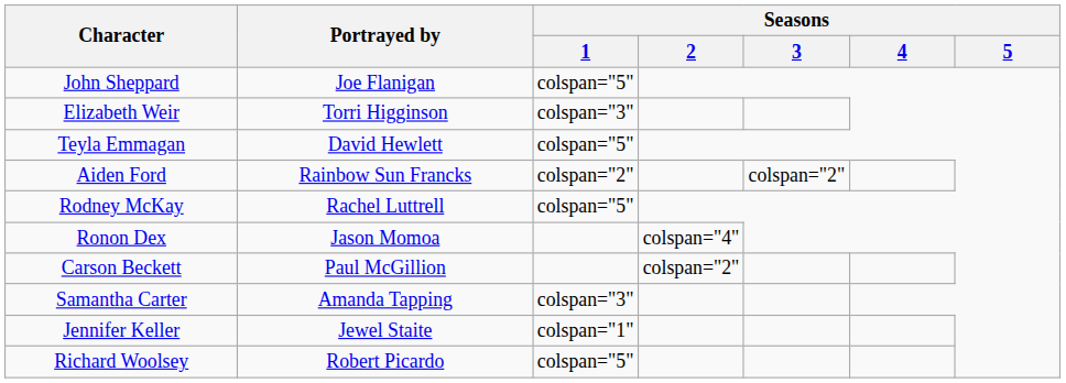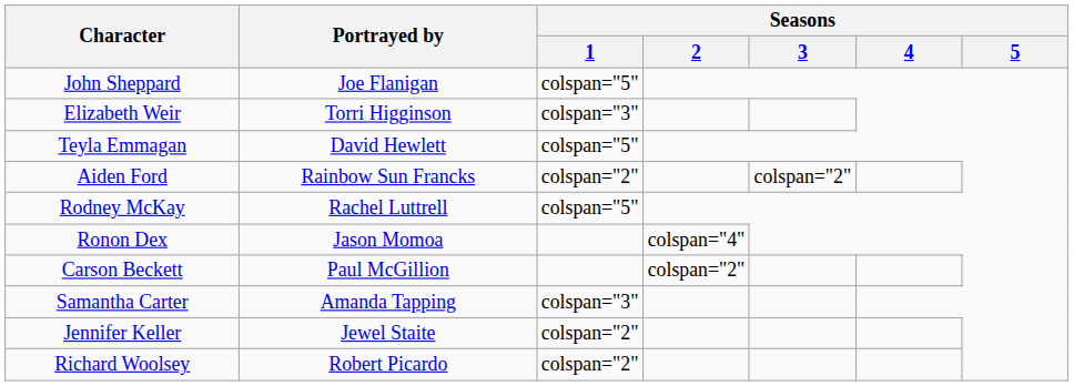 <table class="wikitable plainrowheaders" style="text-align:center">
 <tr>
 <th scope="col" rowspan="2">Character</th>
 <th scope="col" rowspan="2">Portrayed by</th>
 <th scope="col" colspan="11">Seasons</th>
 </tr>
 <tr>
 <th scope="col" style="width:10%;"><a href='#'>1</a></th>
 <th scope="col" style="width:10%;"><a href='#'>2</a></th>
 <th scope="col" style="width:10%;"><a href='#'>3</a></th>
 <th scope="col" style="width:10%;"><a href='#'>4</a></th>
 <th scope="col" style="width:10%;"><a href='#'>5</a></th>
 </tr>
 <tr>
 <td scope="row"><a href='#'>John Sheppard</a></td>
 <td><a href='#'>Joe Flanigan</a></td>
 <td>colspan="5" </td>
 </tr>
 <tr>
 <td scope="row"><a href='#'>Elizabeth Weir</a></td>
 <td><a href='#'>Torri Higginson</a></td>
 <td>colspan="3" </td>
 <td></td>
 <td></td>
 </tr>
 <tr>
 <td scope="row"><a href='#'>Teyla Emmagan</a></td>
 <td><a href='#'>David Hewlett</a></td>
 <td>colspan="5" </td>
 </tr>
 <tr>
 <td scope="row"><a href='#'>Aiden Ford</a></td>
 <td><a href='#'>Rainbow Sun Francks</a></td>
 <td>colspan="2" </td>
 <td></td>
 <td>colspan="2" </td>
 <td></td>
 </tr>
 <tr>
 <td scope="row"><a href='#'>Rodney McKay</a></td>
 <td><a href='#'>Rachel Luttrell</a></td>
 <td>colspan="5" </td>
 </tr>
 <tr>
 <td scope="row"><a href='#'>Ronon Dex</a></td>
 <td><a href='#'>Jason Momoa</a></td>
 <td></td>
 <td>colspan="4" </td>
 </tr>
 <tr>
 <td scope="row"><a href='#'>Carson Beckett</a></td>
 <td><a href='#'>Paul McGillion</a></td>
 <td></td>
 <td>colspan="2" </td>
 <td></td>
 <td></td>
 </tr>
 <tr>
 <td scope="row"><a href='#'>Samantha Carter</a></td>
 <td><a href='#'>Amanda Tapping</a></td>
 <td>colspan="3" </td>
 <td></td>
 <td></td>
 </tr>
 <tr>
 <td scope="row"><a href='#'>Jennifer Keller</a></td>
 <td><a href='#'>Jewel Staite</a></td>
-<td>colspan="1" </td>
+<td>colspan="2" </td>
 <td></td>
 <td></td>
 <td></td>
 </tr>
 <tr>
 <td scope="row"><a href='#'>Richard Woolsey</a></td>
 <td><a href='#'>Robert Picardo</a></td>
-<td>colspan="5" </td>
+<td>colspan="2" </td>
 <td></td>
 <td></td>
 <td></td>
 </tr>
 </table>
